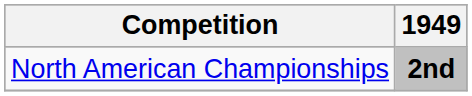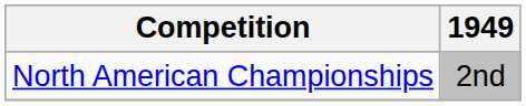 <table class="wikitable">
 <tr>
 <th>Competition</th>
 <th>1949</th>
 </tr>
 <tr>
 <td><a href='#'>North American Championships</a></td>
-<td align="center" bgcolor="silver"><strong>2nd</strong></td>
+<td align="center" bgcolor="silver">2nd</td>
 </tr>
 <tr>
 </tr>
 </table>
